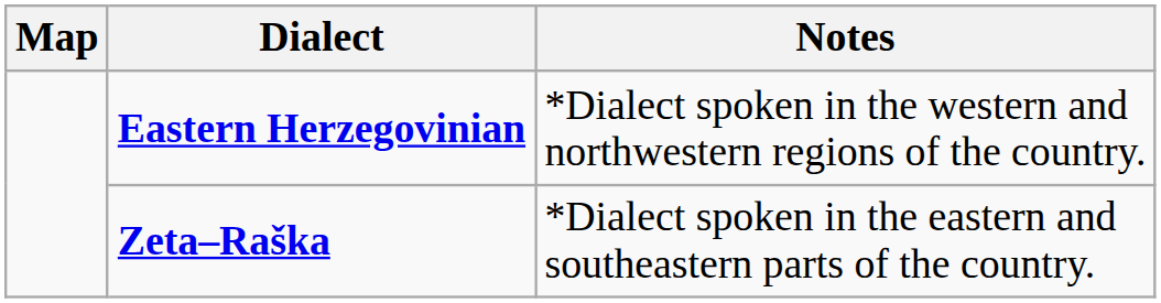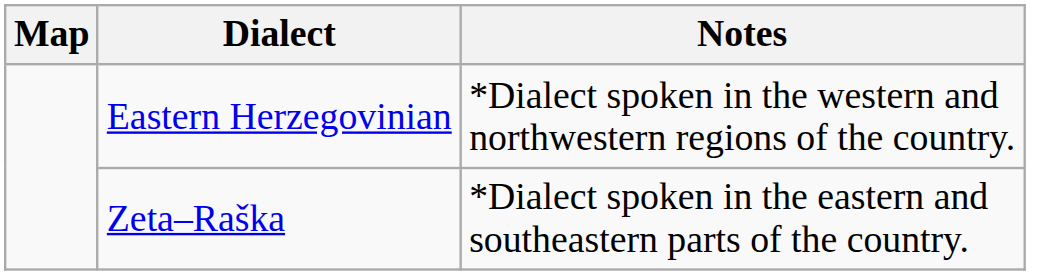 <table class="wikitable">
 <tr>
 <th>Map</th>
 <th>Dialect</th>
 <th>Notes</th>
 </tr>
 <tr>
 <td Rowspan=2></td>
-<td><strong> <a href='#'>Eastern Herzegovinian</a></strong></td>
+<td> <a href='#'>Eastern Herzegovinian</a></td>
 <td>*Dialect spoken in the western and<br>northwestern regions of the country.</td>
 </tr>
 <tr>
-<td><strong> <a href='#'>Zeta–Raška</a></strong></td>
+<td> <a href='#'>Zeta–Raška</a></td>
 <td>*Dialect spoken in the eastern and <br>southeastern parts of the country.</td>
 </tr>
 </table>
